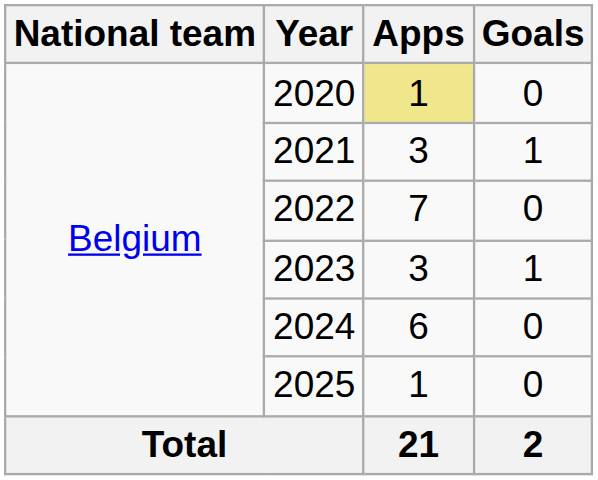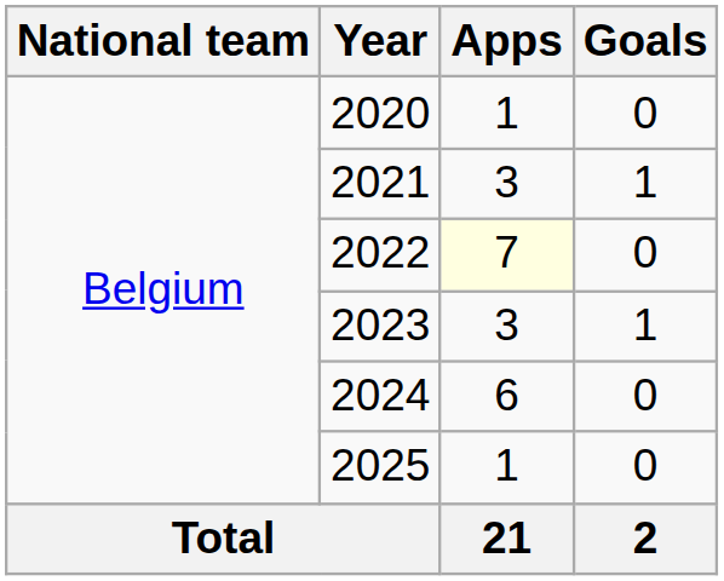 <table class="wikitable" style="text-align:center">
 <tr>
 <th>National team</th>
 <th>Year</th>
 <th>Apps</th>
 <th>Goals</th>
 </tr>
 <tr>
 <td rowspan="6"><a href='#'>Belgium</a></td>
 <td>2020</td>
-<td style="background: khaki;">1</td>
+<td>1</td>
 <td>0</td>
 </tr>
 <tr>
 <td>2021</td>
 <td>3</td>
 <td>1</td>
 </tr>
 <tr>
 <td>2022</td>
-<td>7</td>
+<td style="background: lightyellow;">7</td>
 <td>0</td>
 </tr>
 <tr>
 <td>2023</td>
 <td>3</td>
 <td>1</td>
 </tr>
 <tr>
 <td>2024</td>
 <td>6</td>
 <td>0</td>
 </tr>
 <tr>
 <td>2025</td>
 <td>1</td>
 <td>0</td>
 </tr>
 <tr>
 <th colspan="2">Total</th>
 <th>21</th>
 <th>2</th>
 </tr>
 </table>
